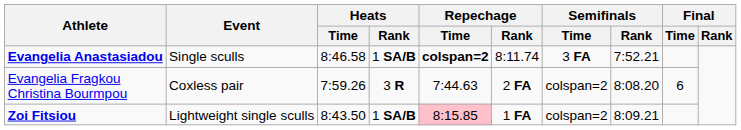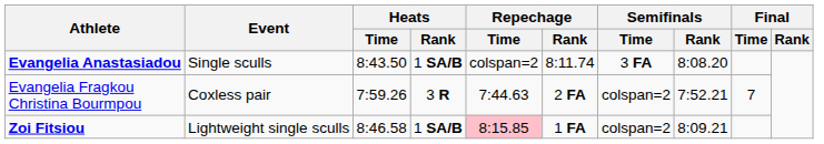 <table class="wikitable" style="font-size:90%">
 <tr>
 <th rowspan="2">Athlete</th>
 <th rowspan="2">Event</th>
 <th colspan="2">Heats</th>
 <th colspan="2">Repechage</th>
 <th colspan="2">Semifinals</th>
 <th colspan="2">Final</th>
 </tr>
 <tr style="font-size:95%">
 <th>Time</th>
 <th>Rank</th>
 <th>Time</th>
 <th>Rank</th>
 <th>Time</th>
 <th>Rank</th>
 <th>Time</th>
 <th>Rank</th>
 </tr>
 <tr align=center>
 <td align=left><strong><a href='#'>Evangelia Anastasiadou</a></strong></td>
 <td align=left>Single sculls</td>
-<td>8:46.58</td>
+<td>8:43.50</td>
 <td>1 <strong>SA/B</strong></td>
-<td><strong>colspan=2</strong></td>
+<td>colspan=2</td>
 <td>8:11.74</td>
 <td>3 <strong>FA</strong></td>
-<td>7:52.21</td>
+<td>8:08.20</td>
 <td></td>
 </tr>
 <tr align=center>
 <td align=left><a href='#'>Evangelia Fragkou</a><br><a href='#'>Christina Bourmpou</a></td>
 <td align=left>Coxless pair</td>
 <td>7:59.26</td>
 <td>3 <strong>R</strong></td>
 <td>7:44.63</td>
 <td>2 <strong>FA</strong></td>
 <td>colspan=2</td>
-<td>8:08.20</td>
-<td>6</td>
+<td>7:52.21</td>
+<td>7</td>
 </tr>
 <tr align=center>
 <td align=left><strong><a href='#'>Zoi Fitsiou</a></strong></td>
 <td align=left>Lightweight single sculls</td>
-<td>8:43.50</td>
+<td>8:46.58</td>
 <td>1 <strong>SA/B</strong></td>
 <td style="background: pink;">8:15.85</td>
 <td>1 <strong>FA</strong></td>
 <td>colspan=2</td>
 <td>8:09.21</td>
 <td></td>
 </tr>
 </table>
